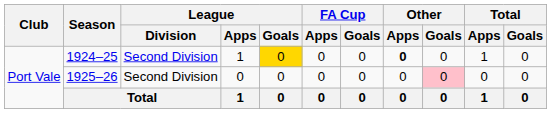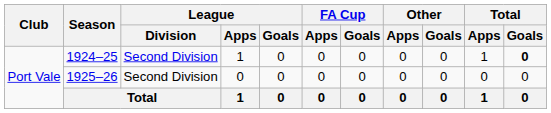 <table class="wikitable" style="text-align:center">
 <tr>
 <th rowspan="2">Club</th>
 <th rowspan="2">Season</th>
 <th colspan="3">League</th>
 <th colspan="2"><a href='#'>FA Cup</a></th>
 <th colspan="2">Other</th>
 <th colspan="2">Total</th>
 </tr>
 <tr>
 <th>Division</th>
 <th>Apps</th>
 <th>Goals</th>
 <th>Apps</th>
 <th>Goals</th>
 <th>Apps</th>
 <th>Goals</th>
 <th>Apps</th>
 <th>Goals</th>
 </tr>
 <tr>
 <td rowspan="3"><a href='#'>Port Vale</a></td>
 <td><a href='#'>1924–25</a></td>
 <td><a href='#'>Second Division</a></td>
 <td>1</td>
-<td style="background: gold;">0</td>
 <td>0</td>
 <td>0</td>
-<td><strong>0</strong></td>
+<td>0</td>
+<td>0</td>
 <td>0</td>
 <td>1</td>
-<td>0</td>
+<td><strong>0</strong></td>
 </tr>
 <tr>
 <td><a href='#'>1925–26</a></td>
 <td>Second Division</td>
 <td>0</td>
 <td>0</td>
 <td>0</td>
 <td>0</td>
 <td>0</td>
-<td style="background: pink;">0</td>
+<td>0</td>
 <td>0</td>
 <td>0</td>
 </tr>
 <tr>
 <th colspan="2">Total</th>
 <th>1</th>
 <th>0</th>
 <th>0</th>
 <th>0</th>
 <th>0</th>
 <th>0</th>
 <th>1</th>
 <th>0</th>
 </tr>
 </table>
